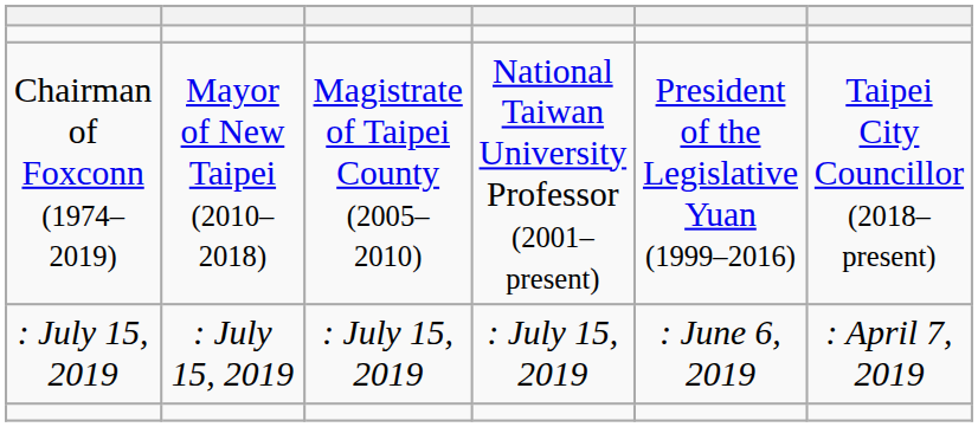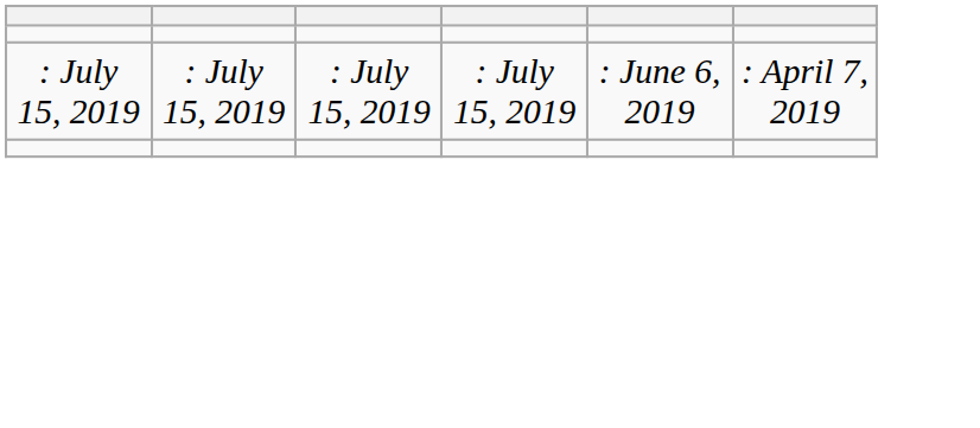 <table class="wikitable" style="font-size:90%">
 <tr>
 <th scope="col" style="width:3em; font-size:120%; background:"></th>
 <th scope="col" style="width:3em; font-size:120%; background:"></th>
 <th scope="col" style="width:3em; font-size:120%; background:"></th>
 <th scope="col" style="width:3em; font-size:120%; background:"></th>
 <th scope="col" style="width:3em; font-size:120%; background:"></th>
 <th scope="col" style="width:3em; font-size:120%; background:"></th>
 </tr>
 <tr>
 <td></td>
 <td></td>
 <td></td>
 <td></td>
 <td></td>
 <td></td>
 </tr>
 <tr style="text-align:center">
-<td>Chairman of <a href='#'>Foxconn</a>  <br><small>(1974–2019)</small></td>
-<td><a href='#'>Mayor of New Taipei</a> <br><small>(2010–2018)</small></td>
-<td><a href='#'>Magistrate of Taipei County</a> <br><small>(2005–2010)</small></td>
-<td><a href='#'>National Taiwan University</a> Professor <br><small>(2001–present)</small></td>
-<td><a href='#'>President of the Legislative Yuan</a> <br><small>(1999–2016)</small></td>
-<td><a href='#'>Taipei City Councillor</a> <br><small>(2018–present)</small></td>
-</tr>
-<tr style="text-align:center">
 <td><em>: July 15, 2019</em></td>
 <td><em>: July 15, 2019</em></td>
 <td><em>: July 15, 2019</em></td>
 <td><em>: July 15, 2019</em></td>
 <td><em>: June 6, 2019</em></td>
 <td><em>: April 7, 2019</em></td>
 </tr>
 <tr>
 <td></td>
 <td></td>
 <td></td>
 <td></td>
 <td></td>
 <td></td>
 </tr>
 </table>
